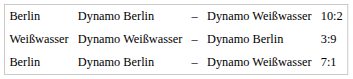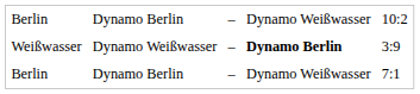 <table cellspacing="0" border="0" cellpadding="6" style="border:1px solid #bbb; background-color:#FFFFFF;">
 <tr>
 <td>Berlin</td>
 <td>Dynamo Berlin</td>
 <td>–</td>
 <td>Dynamo Weißwasser</td>
 <td>10:2</td>
 </tr>
 <tr>
 <td>Weißwasser</td>
 <td>Dynamo Weißwasser</td>
 <td>–</td>
-<td>Dynamo Berlin</td>
+<td><strong>Dynamo Berlin</strong></td>
 <td>3:9</td>
 </tr>
 <tr>
 <td>Berlin</td>
 <td>Dynamo Berlin</td>
 <td>–</td>
 <td>Dynamo Weißwasser</td>
 <td>7:1</td>
 </tr>
 </table>
